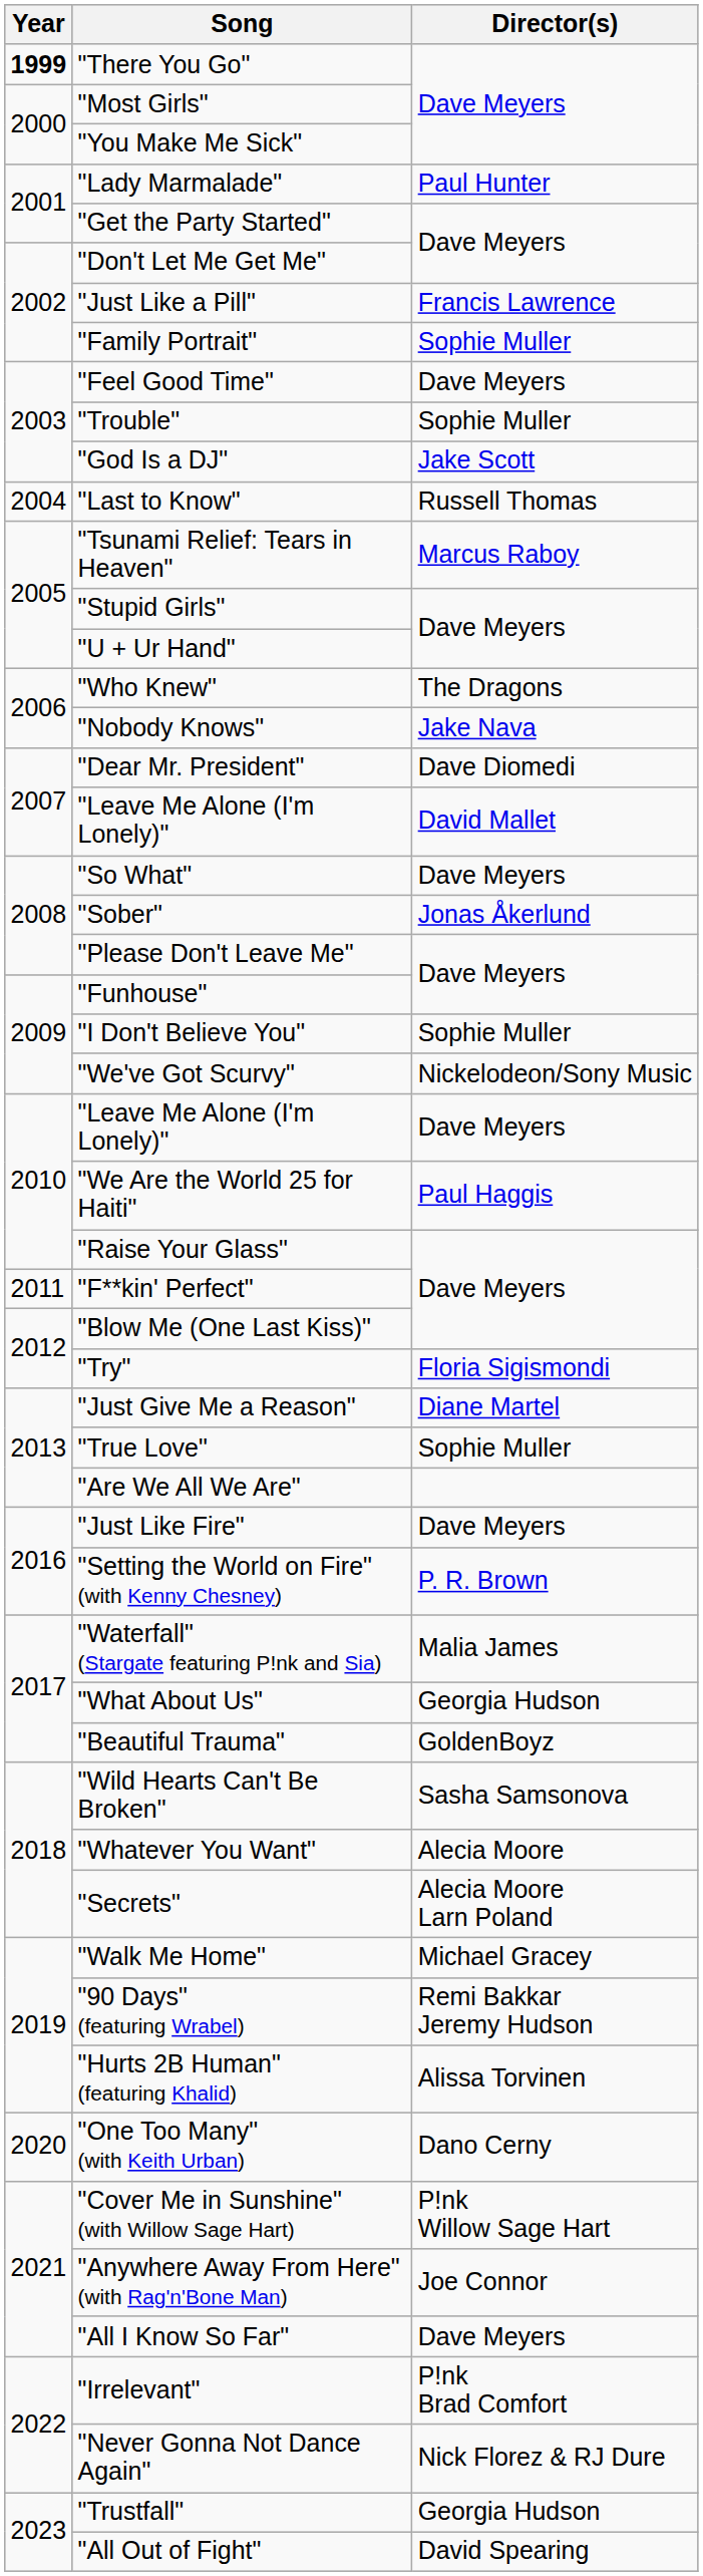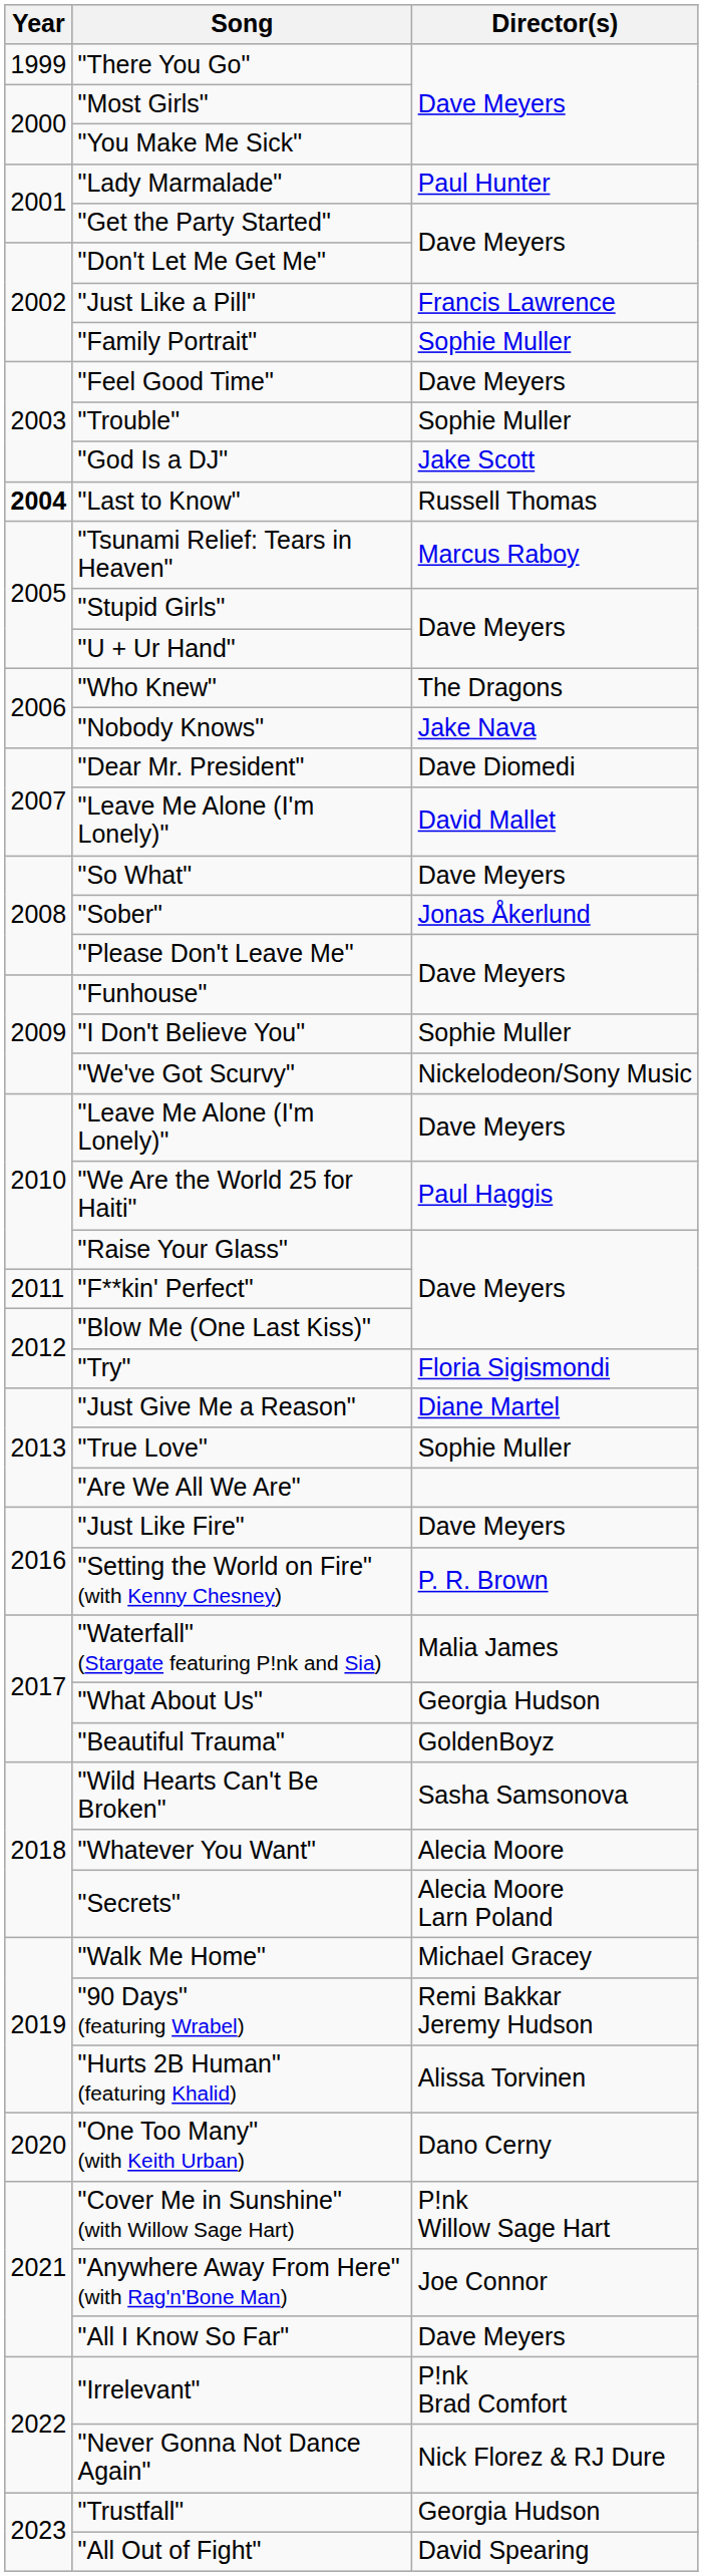 <table class="wikitable">
 <tr>
 <th scope="col">Year</th>
 <th scope="col" style="width:210px;">Song</th>
 <th scope="col">Director(s)</th>
 </tr>
 <tr>
-<td><strong>1999</strong></td>
+<td>1999</td>
 <td>"There You Go"</td>
 <td rowspan="3"><a href='#'>Dave Meyers</a></td>
 </tr>
 <tr>
 <td rowspan="2">2000</td>
 <td>"Most Girls"</td>
 </tr>
 <tr>
 <td>"You Make Me Sick"</td>
 </tr>
 <tr>
 <td rowspan="2">2001</td>
 <td>"Lady Marmalade"</td>
 <td><a href='#'>Paul Hunter</a></td>
 </tr>
 <tr>
 <td>"Get the Party Started"</td>
 <td rowspan="2">Dave Meyers</td>
 </tr>
 <tr>
 <td rowspan="3">2002</td>
 <td>"Don't Let Me Get Me"</td>
 </tr>
 <tr>
 <td>"Just Like a Pill"</td>
 <td><a href='#'>Francis Lawrence</a></td>
 </tr>
 <tr>
 <td>"Family Portrait"</td>
 <td><a href='#'>Sophie Muller</a></td>
 </tr>
 <tr>
 <td rowspan="3">2003</td>
 <td>"Feel Good Time"</td>
 <td>Dave Meyers</td>
 </tr>
 <tr>
 <td>"Trouble"</td>
 <td>Sophie Muller</td>
 </tr>
 <tr>
 <td>"God Is a DJ"</td>
 <td><a href='#'>Jake Scott</a></td>
 </tr>
 <tr>
-<td>2004</td>
+<td><strong>2004</strong></td>
 <td>"Last to Know"</td>
 <td>Russell Thomas</td>
 </tr>
 <tr>
 <td rowspan="3">2005</td>
 <td>"Tsunami Relief: Tears in Heaven"</td>
 <td><a href='#'>Marcus Raboy</a></td>
 </tr>
 <tr>
 <td>"Stupid Girls"</td>
 <td rowspan="2">Dave Meyers</td>
 </tr>
 <tr>
 <td>"U + Ur Hand"</td>
 </tr>
 <tr>
 <td rowspan="2">2006</td>
 <td>"Who Knew"</td>
 <td>The Dragons</td>
 </tr>
 <tr>
 <td>"Nobody Knows"</td>
 <td><a href='#'>Jake Nava</a></td>
 </tr>
 <tr>
 <td rowspan="2">2007</td>
 <td>"Dear Mr. President"</td>
 <td>Dave Diomedi</td>
 </tr>
 <tr>
 <td>"Leave Me Alone (I'm Lonely)"</td>
 <td><a href='#'>David Mallet</a></td>
 </tr>
 <tr>
 <td rowspan="3">2008</td>
 <td>"So What"</td>
 <td>Dave Meyers</td>
 </tr>
 <tr>
 <td>"Sober"</td>
 <td><a href='#'>Jonas Åkerlund</a></td>
 </tr>
 <tr>
 <td>"Please Don't Leave Me"</td>
 <td rowspan="2">Dave Meyers</td>
 </tr>
 <tr>
 <td rowspan="3">2009</td>
 <td>"Funhouse"</td>
 </tr>
 <tr>
 <td>"I Don't Believe You"</td>
 <td>Sophie Muller</td>
 </tr>
 <tr>
 <td>"We've Got Scurvy"</td>
 <td>Nickelodeon/Sony Music</td>
 </tr>
 <tr>
 <td rowspan="3">2010</td>
 <td>"Leave Me Alone (I'm Lonely)"</td>
 <td>Dave Meyers</td>
 </tr>
 <tr>
 <td>"We Are the World 25 for Haiti"</td>
 <td><a href='#'>Paul Haggis</a></td>
 </tr>
 <tr>
 <td>"Raise Your Glass"</td>
 <td rowspan="3">Dave Meyers</td>
 </tr>
 <tr>
 <td rowspan="1">2011</td>
 <td>"F**kin' Perfect"</td>
 </tr>
 <tr>
 <td rowspan="2">2012</td>
 <td>"Blow Me (One Last Kiss)"</td>
 </tr>
 <tr>
 <td>"Try"</td>
 <td><a href='#'>Floria Sigismondi</a></td>
 </tr>
 <tr>
 <td rowspan="3">2013</td>
 <td>"Just Give Me a Reason"</td>
 <td><a href='#'>Diane Martel</a></td>
 </tr>
 <tr>
 <td>"True Love"</td>
 <td>Sophie Muller</td>
 </tr>
 <tr>
 <td>"Are We All We Are" </td>
 <td></td>
 </tr>
 <tr>
 <td rowspan="2">2016</td>
 <td>"Just Like Fire"</td>
 <td>Dave Meyers</td>
 </tr>
 <tr>
 <td>"Setting the World on Fire"<br><small>(with <a href='#'>Kenny Chesney</a>)</small></td>
 <td><a href='#'>P. R. Brown</a></td>
 </tr>
 <tr>
 <td rowspan="3">2017</td>
 <td>"Waterfall" <br><small>(<a href='#'>Stargate</a> featuring P!nk and <a href='#'>Sia</a>)</small></td>
 <td>Malia James</td>
 </tr>
 <tr>
 <td>"What About Us"</td>
 <td>Georgia Hudson</td>
 </tr>
 <tr>
 <td>"Beautiful Trauma"</td>
 <td>GoldenBoyz</td>
 </tr>
 <tr>
 <td rowspan="3">2018</td>
 <td>"Wild Hearts Can't Be Broken"</td>
 <td>Sasha Samsonova</td>
 </tr>
 <tr>
 <td>"Whatever You Want"</td>
 <td>Alecia Moore</td>
 </tr>
 <tr>
 <td>"Secrets"</td>
 <td>Alecia Moore<br>Larn Poland</td>
 </tr>
 <tr>
 <td rowspan="3">2019</td>
 <td>"Walk Me Home"</td>
 <td>Michael Gracey</td>
 </tr>
 <tr>
 <td>"90 Days"<br><small>(featuring <a href='#'>Wrabel</a>)</small></td>
 <td>Remi Bakkar<br>Jeremy Hudson</td>
 </tr>
 <tr>
 <td>"Hurts 2B Human"<br><small>(featuring <a href='#'>Khalid</a>)</small></td>
 <td>Alissa Torvinen</td>
 </tr>
 <tr>
 <td>2020</td>
 <td>"One Too Many" <br><small>(with <a href='#'>Keith Urban</a>)</small></td>
 <td>Dano Cerny</td>
 </tr>
 <tr>
 <td rowspan="3">2021</td>
 <td>"Cover Me in Sunshine" <br><small>(with Willow Sage Hart)</small></td>
 <td>P!nk<br>Willow Sage Hart</td>
 </tr>
 <tr>
 <td>"Anywhere Away From Here" <br><small>(with <a href='#'>Rag'n'Bone Man</a>)</small></td>
 <td>Joe Connor</td>
 </tr>
 <tr>
 <td>"All I Know So Far"</td>
 <td>Dave Meyers</td>
 </tr>
 <tr>
 <td rowspan="2">2022</td>
 <td>"Irrelevant"</td>
 <td>P!nk<br>Brad Comfort</td>
 </tr>
 <tr>
 <td>"Never Gonna Not Dance Again"</td>
 <td>Nick Florez & RJ Dure</td>
 </tr>
 <tr>
 <td rowspan="2">2023</td>
 <td>"Trustfall"</td>
 <td>Georgia Hudson</td>
 </tr>
 <tr>
 <td>"All Out of Fight"</td>
 <td>David Spearing</td>
 </tr>
 </table>
